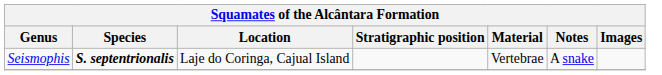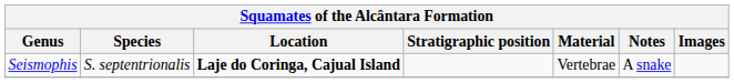 <table class="wikitable" align="center">
 <tr>
 <th colspan="7" align="center"><a href='#'>Squamates</a> of the Alcântara Formation</th>
 </tr>
 <tr>
 <th>Genus</th>
 <th>Species</th>
 <th>Location</th>
 <th>Stratigraphic position</th>
 <th>Material</th>
 <th>Notes</th>
 <th>Images</th>
 </tr>
 <tr>
 <td><em><a href='#'>Seismophis</a></em></td>
-<td><strong><em>S. septentrionalis</em></strong></td>
-<td>Laje do Coringa, Cajual Island</td>
+<td><em>S. septentrionalis</em></td>
+<td><strong>Laje do Coringa, Cajual Island</strong></td>
 <td></td>
 <td>Vertebrae</td>
 <td>A <a href='#'>snake</a></td>
 <td></td>
 </tr>
 <tr>
 </tr>
 </table>
